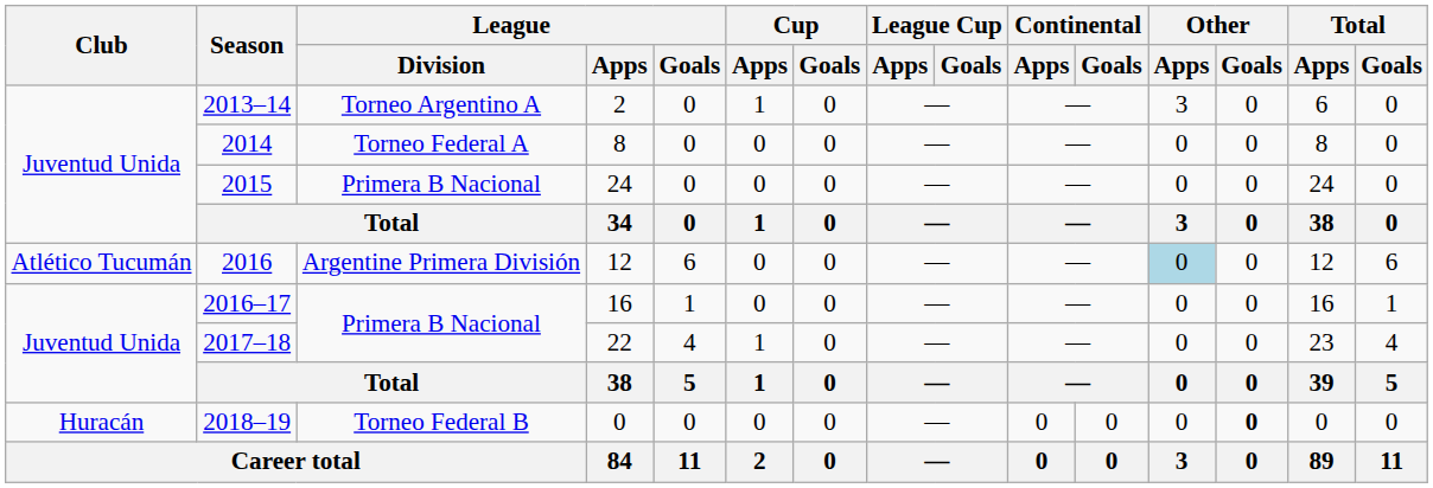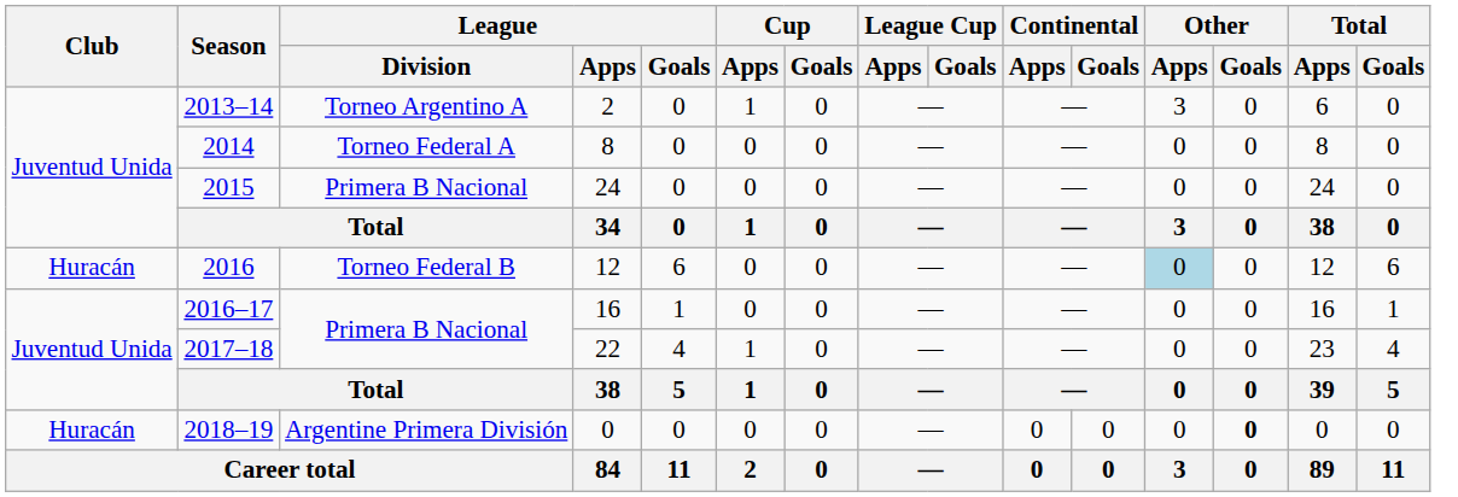 <table class="wikitable" style="text-align:center">
 <tr>
 <th rowspan="2">Club</th>
 <th rowspan="2">Season</th>
 <th colspan="3">League</th>
 <th colspan="2">Cup</th>
 <th colspan="2">League Cup</th>
 <th colspan="2">Continental</th>
 <th colspan="2">Other</th>
 <th colspan="2">Total</th>
 </tr>
 <tr>
 <th>Division</th>
 <th>Apps</th>
 <th>Goals</th>
 <th>Apps</th>
 <th>Goals</th>
 <th>Apps</th>
 <th>Goals</th>
 <th>Apps</th>
 <th>Goals</th>
 <th>Apps</th>
 <th>Goals</th>
 <th>Apps</th>
 <th>Goals</th>
 </tr>
 <tr>
 <td rowspan="4"><a href='#'>Juventud Unida</a></td>
 <td><a href='#'>2013–14</a></td>
 <td rowspan="1"><a href='#'>Torneo Argentino A</a></td>
 <td>2</td>
 <td>0</td>
 <td>1</td>
 <td>0</td>
 <td colspan="2">—</td>
 <td colspan="2">—</td>
 <td>3</td>
 <td>0</td>
 <td>6</td>
 <td>0</td>
 </tr>
 <tr>
 <td><a href='#'>2014</a></td>
 <td rowspan="1"><a href='#'>Torneo Federal A</a></td>
 <td>8</td>
 <td>0</td>
 <td>0</td>
 <td>0</td>
 <td colspan="2">—</td>
 <td colspan="2">—</td>
 <td>0</td>
 <td>0</td>
 <td>8</td>
 <td>0</td>
 </tr>
 <tr>
 <td><a href='#'>2015</a></td>
 <td rowspan="1"><a href='#'>Primera B Nacional</a></td>
 <td>24</td>
 <td>0</td>
 <td>0</td>
 <td>0</td>
 <td colspan="2">—</td>
 <td colspan="2">—</td>
 <td>0</td>
 <td>0</td>
 <td>24</td>
 <td>0</td>
 </tr>
 <tr>
 <th colspan="2">Total</th>
 <th>34</th>
 <th>0</th>
 <th>1</th>
 <th>0</th>
 <th colspan="2">—</th>
 <th colspan="2">—</th>
 <th>3</th>
 <th>0</th>
 <th>38</th>
 <th>0</th>
 </tr>
 <tr>
-<td rowspan="1"><a href='#'>Atlético Tucumán</a></td>
+<td rowspan="1"><a href='#'>Huracán</a></td>
 <td><a href='#'>2016</a></td>
-<td rowspan="1"><a href='#'>Argentine Primera División</a></td>
+<td rowspan="1"><a href='#'>Torneo Federal B</a></td>
 <td>12</td>
 <td>6</td>
 <td>0</td>
 <td>0</td>
 <td colspan="2">—</td>
 <td colspan="2">—</td>
 <td style="background: lightblue;">0</td>
 <td>0</td>
 <td>12</td>
 <td>6</td>
 </tr>
 <tr>
 <td rowspan="3"><a href='#'>Juventud Unida</a></td>
 <td><a href='#'>2016–17</a></td>
 <td rowspan="2"><a href='#'>Primera B Nacional</a></td>
 <td>16</td>
 <td>1</td>
 <td>0</td>
 <td>0</td>
 <td colspan="2">—</td>
 <td colspan="2">—</td>
 <td>0</td>
 <td>0</td>
 <td>16</td>
 <td>1</td>
 </tr>
 <tr>
 <td><a href='#'>2017–18</a></td>
 <td>22</td>
 <td>4</td>
 <td>1</td>
 <td>0</td>
 <td colspan="2">—</td>
 <td colspan="2">—</td>
 <td>0</td>
 <td>0</td>
 <td>23</td>
 <td>4</td>
 </tr>
 <tr>
 <th colspan="2">Total</th>
 <th>38</th>
 <th>5</th>
 <th>1</th>
 <th>0</th>
 <th colspan="2">—</th>
 <th colspan="2">—</th>
 <th>0</th>
 <th>0</th>
 <th>39</th>
 <th>5</th>
 </tr>
 <tr>
 <td rowspan="1"><a href='#'>Huracán</a></td>
 <td><a href='#'>2018–19</a></td>
-<td rowspan="1"><a href='#'>Torneo Federal B</a></td>
+<td rowspan="1"><a href='#'>Argentine Primera División</a></td>
 <td>0</td>
 <td>0</td>
 <td>0</td>
 <td>0</td>
 <td colspan="2">—</td>
 <td>0</td>
 <td>0</td>
 <td>0</td>
 <td><strong>0</strong></td>
 <td>0</td>
 <td>0</td>
 </tr>
 <tr>
 <th colspan="3">Career total</th>
 <th>84</th>
 <th>11</th>
 <th>2</th>
 <th>0</th>
 <th colspan="2">—</th>
 <th>0</th>
 <th>0</th>
 <th>3</th>
 <th>0</th>
 <th>89</th>
 <th>11</th>
 </tr>
 </table>
